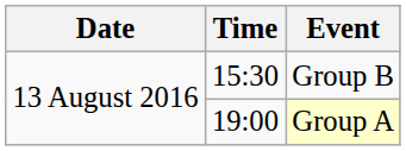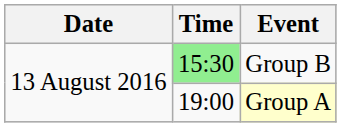 <table class = "wikitable" style="text-align:center;">
 <tr>
 <th>Date</th>
 <th>Time</th>
 <th>Event</th>
 </tr>
 <tr>
 <td rowspan=2>13 August 2016</td>
-<td>15:30</td>
+<td style="background: lightgreen;">15:30</td>
 <td>Group B</td>
 </tr>
 <tr>
 <td>19:00</td>
 <td bgcolor=ffffcc>Group A</td>
 </tr>
 </table>
